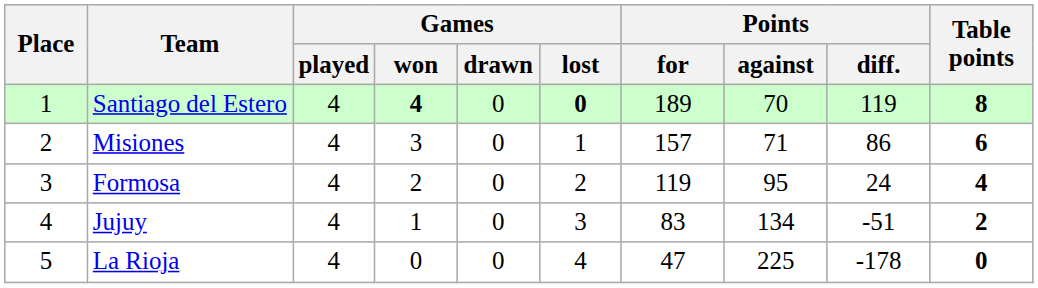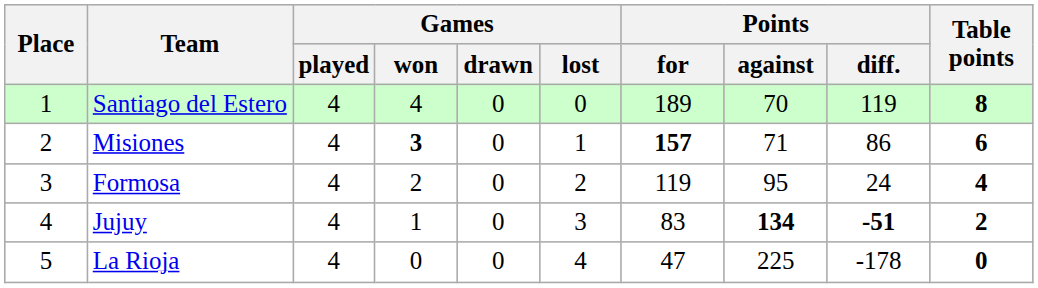 <table class="wikitable">
 <tr>
 <th rowspan=2 width="8%">Place</th>
 <th rowspan=2 width="20%">Team</th>
 <th colspan=4 width="32%">Games</th>
 <th colspan=3 width="30%">Points</th>
 <th rowspan=2 width="10%">Table<br>points</th>
 </tr>
 <tr>
 <th width="8%">played</th>
 <th width="8%">won</th>
 <th width="8%">drawn</th>
 <th width="8%">lost</th>
 <th width="10%">for</th>
 <th width="10%">against</th>
 <th width="10%">diff.</th>
 </tr>
 <tr align=center style="background: #ccffcc;">
 <td>1</td>
 <td align=left><a href='#'>Santiago del Estero</a></td>
 <td>4</td>
-<td><strong>4</strong></td>
+<td>4</td>
 <td>0</td>
-<td><strong>0</strong></td>
+<td>0</td>
 <td>189</td>
 <td>70</td>
 <td>119</td>
 <td><strong>8</strong></td>
 </tr>
 <tr align=center style="background: #ffffff;">
 <td>2</td>
 <td align=left><a href='#'>Misiones</a></td>
 <td>4</td>
-<td>3</td>
+<td><strong>3</strong></td>
 <td>0</td>
 <td>1</td>
-<td>157</td>
+<td><strong>157</strong></td>
 <td>71</td>
 <td>86</td>
 <td><strong>6</strong></td>
 </tr>
 <tr align=center style="background: #ffffff;">
 <td>3</td>
 <td align=left><a href='#'>Formosa</a></td>
 <td>4</td>
 <td>2</td>
 <td>0</td>
 <td>2</td>
 <td>119</td>
 <td>95</td>
 <td>24</td>
 <td><strong>4</strong></td>
 </tr>
 <tr align=center style="background: #ffffff;">
 <td>4</td>
 <td align=left><a href='#'>Jujuy</a></td>
 <td>4</td>
 <td>1</td>
 <td>0</td>
 <td>3</td>
 <td>83</td>
-<td>134</td>
-<td>-51</td>
+<td><strong>134</strong></td>
+<td><strong>-51</strong></td>
 <td><strong>2</strong></td>
 </tr>
 <tr align=center style="background: #ffffff;">
 <td>5</td>
 <td align=left><a href='#'>La Rioja</a></td>
 <td>4</td>
 <td>0</td>
 <td>0</td>
 <td>4</td>
 <td>47</td>
 <td>225</td>
 <td>-178</td>
 <td><strong>0</strong></td>
 </tr>
 </table>
